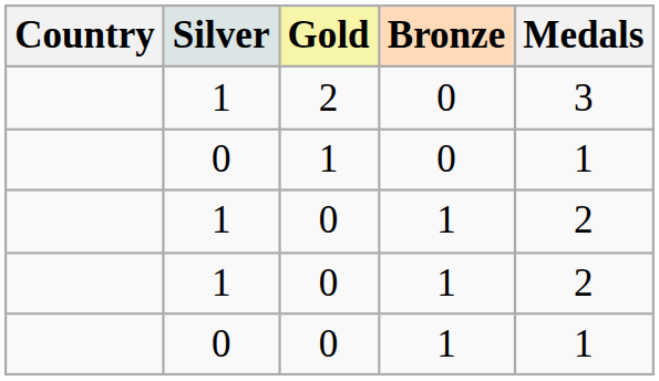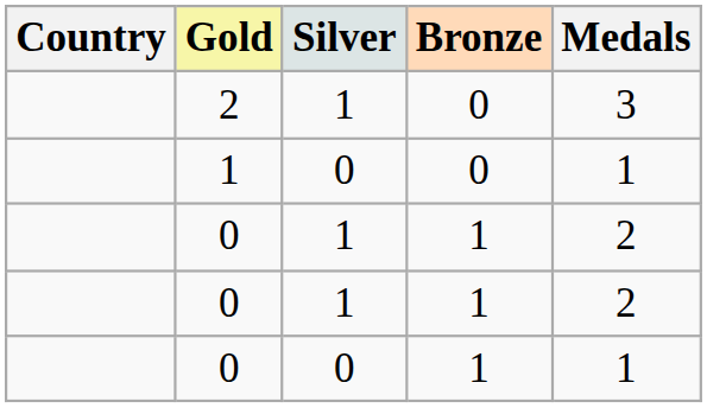 <table class="wikitable sortable">
 <tr>
 <th>Country</th>
+<th style="background-color: #F7F6A8;">Gold</th>
 <th style="background-color: #DCE5E5;">Silver</th>
-<th style="background-color: #F7F6A8;">Gold</th>
 <th style="background-color: #FFDAB9;">Bronze</th>
 <th>Medals</th>
 </tr>
 <tr align=center>
 <td align=left></td>
+<td>2</td>
 <td>1</td>
-<td>2</td>
 <td>0</td>
 <td>3</td>
 </tr>
 <tr align=center>
 <td align=left></td>
+<td>1</td>
 <td>0</td>
-<td>1</td>
 <td>0</td>
 <td>1</td>
 </tr>
 <tr align=center>
 <td align=left></td>
+<td>0</td>
 <td>1</td>
-<td>0</td>
 <td>1</td>
 <td>2</td>
 </tr>
 <tr align=center>
 <td align=left></td>
+<td>0</td>
 <td>1</td>
-<td>0</td>
 <td>1</td>
 <td>2</td>
 </tr>
 <tr align=center>
 <td align=left></td>
 <td>0</td>
 <td>0</td>
 <td>1</td>
 <td>1</td>
 </tr>
 </table>
